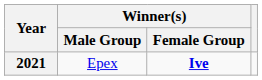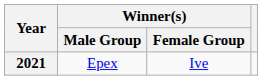 <table class="wikitable plainrowheaders" style="text-align: center">
 <tr>
 <th scope="col" rowspan="2" width="50">Year</th>
 <th colspan="2" width="200">Winner(s)</th>
 <th scope="col" rowspan="2"></th>
 </tr>
 <tr>
 <th>Male Group</th>
 <th>Female Group</th>
 </tr>
 <tr>
 <th scope="row" style="text-align:center;">2021</th>
 <td><a href='#'>Epex</a></td>
-<td><strong><a href='#'>Ive</a></strong></td>
+<td><a href='#'>Ive</a></td>
 <td></td>
 </tr>
 </table>
